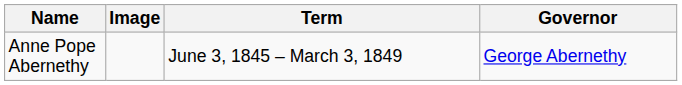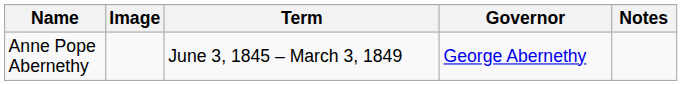 <table class="wikitable sortable" style="width:98%">
 <tr>
 <th width="15%" scope="col">Name</th>
 <th class="unsortable" width="8%" scope="col">Image</th>
 <th width="class=">Term</th>
 <th width="" scope="col">Governor</th>
+<th>Notes</th>
 </tr>
 <tr>
 <td>Anne Pope Abernethy</td>
 <td></td>
 <td>June 3, 1845 – March 3, 1849</td>
 <td><a href='#'>George Abernethy</a></td>
+<td></td>
 </tr>
 </table>
